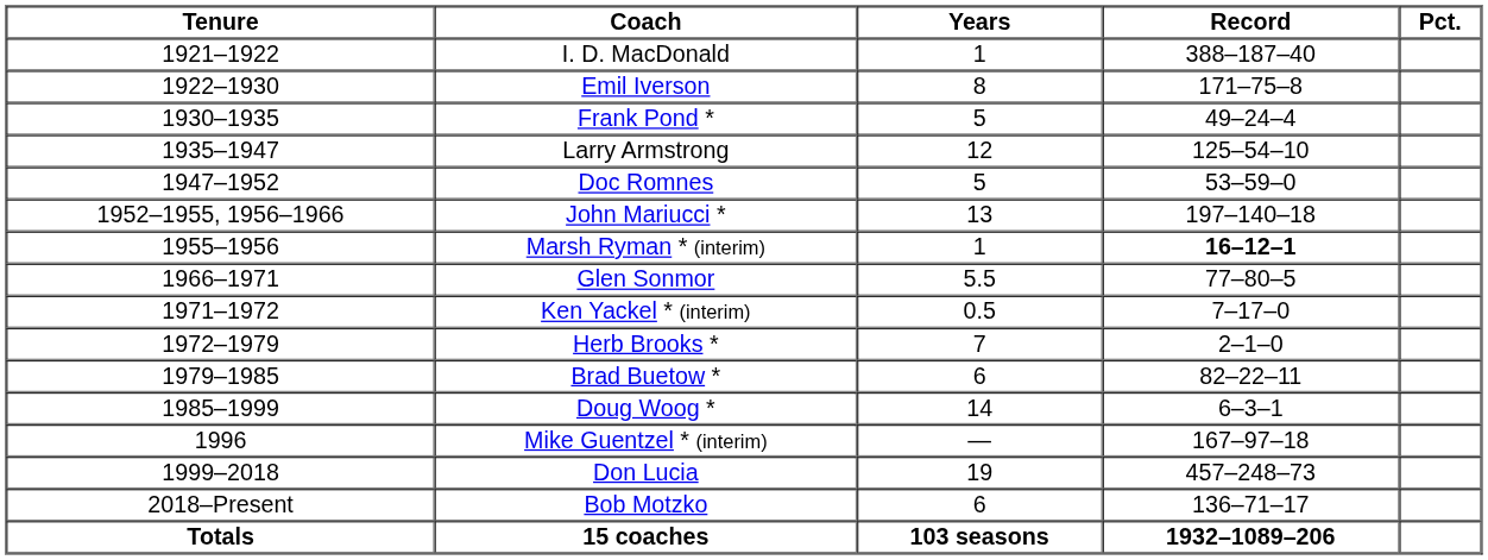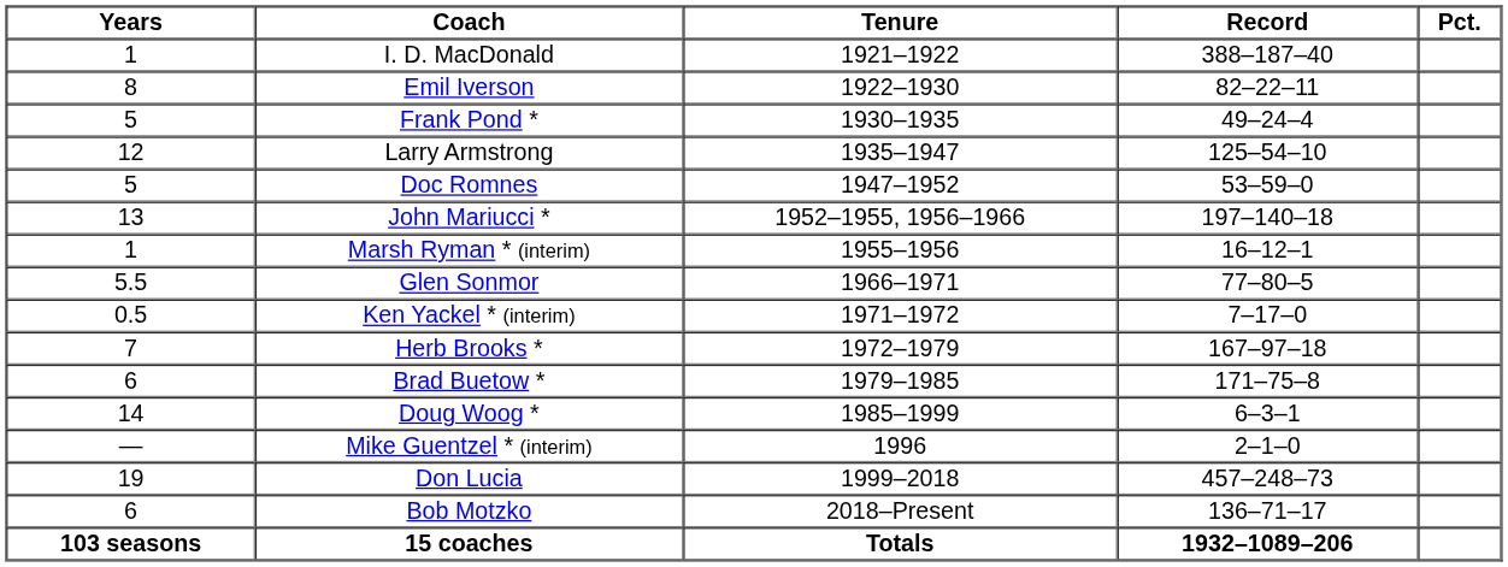 <table cellpadding="1" border="1" cellspacing="0" style="width:80%;">
 <tr>
+<th>Years</th>
+<th>Coach</th>
 <th>Tenure</th>
-<th>Coach</th>
-<th>Years</th>
 <th>Record</th>
 <th>Pct.</th>
 </tr>
 <tr align="center">
+<td>1</td>
+<td>I. D. MacDonald</td>
 <td>1921–1922</td>
-<td>I. D. MacDonald</td>
-<td>1</td>
 <td>388–187–40</td>
 <td></td>
 </tr>
 <tr align="center">
+<td>8</td>
+<td><a href='#'>Emil Iverson</a></td>
 <td>1922–1930</td>
-<td><a href='#'>Emil Iverson</a></td>
-<td>8</td>
+<td>82–22–11</td>
+<td></td>
+</tr>
+<tr align="center">
+<td>5</td>
+<td><a href='#'>Frank Pond</a> *</td>
+<td>1930–1935</td>
+<td>49–24–4</td>
+<td></td>
+</tr>
+<tr align="center">
+<td>12</td>
+<td>Larry Armstrong</td>
+<td>1935–1947</td>
+<td>125–54–10</td>
+<td></td>
+</tr>
+<tr align="center">
+<td>5</td>
+<td><a href='#'>Doc Romnes</a></td>
+<td>1947–1952</td>
+<td>53–59–0</td>
+<td></td>
+</tr>
+<tr align="center">
+<td>13</td>
+<td><a href='#'>John Mariucci</a> *</td>
+<td>1952–1955, 1956–1966</td>
+<td>197–140–18</td>
+<td></td>
+</tr>
+<tr align="center">
+<td>1</td>
+<td><a href='#'>Marsh Ryman</a> *  <small>(interim)</small></td>
+<td>1955–1956</td>
+<td>16–12–1</td>
+<td></td>
+</tr>
+<tr align="center">
+<td>5.5</td>
+<td><a href='#'>Glen Sonmor</a></td>
+<td>1966–1971</td>
+<td>77–80–5</td>
+<td></td>
+</tr>
+<tr align="center">
+<td>0.5</td>
+<td><a href='#'>Ken Yackel</a> *  <small>(interim)</small></td>
+<td>1971–1972</td>
+<td>7–17–0</td>
+<td></td>
+</tr>
+<tr align="center">
+<td>7</td>
+<td><a href='#'>Herb Brooks</a> *</td>
+<td>1972–1979</td>
+<td>167–97–18</td>
+<td></td>
+</tr>
+<tr align="center">
+<td>6</td>
+<td><a href='#'>Brad Buetow</a> *</td>
+<td>1979–1985</td>
 <td>171–75–8</td>
 <td></td>
 </tr>
 <tr align="center">
-<td>1930–1935</td>
-<td><a href='#'>Frank Pond</a> *</td>
-<td>5</td>
-<td>49–24–4</td>
+<td>14</td>
+<td><a href='#'>Doug Woog</a> *</td>
+<td>1985–1999</td>
+<td>6–3–1</td>
 <td></td>
 </tr>
 <tr align="center">
-<td>1935–1947</td>
-<td>Larry Armstrong</td>
-<td>12</td>
-<td>125–54–10</td>
-<td></td>
-</tr>
-<tr align="center">
-<td>1947–1952</td>
-<td><a href='#'>Doc Romnes</a></td>
-<td>5</td>
-<td>53–59–0</td>
-<td></td>
-</tr>
-<tr align="center">
-<td>1952–1955, 1956–1966</td>
-<td><a href='#'>John Mariucci</a> *</td>
-<td>13</td>
-<td>197–140–18</td>
-<td></td>
-</tr>
-<tr align="center">
-<td>1955–1956</td>
-<td><a href='#'>Marsh Ryman</a> *  <small>(interim)</small></td>
-<td>1</td>
-<td><strong>16–12–1</strong></td>
-<td></td>
-</tr>
-<tr align="center">
-<td>1966–1971</td>
-<td><a href='#'>Glen Sonmor</a></td>
-<td>5.5</td>
-<td>77–80–5</td>
-<td></td>
-</tr>
-<tr align="center">
-<td>1971–1972</td>
-<td><a href='#'>Ken Yackel</a> *  <small>(interim)</small></td>
-<td>0.5</td>
-<td>7–17–0</td>
-<td></td>
-</tr>
-<tr align="center">
-<td>1972–1979</td>
-<td><a href='#'>Herb Brooks</a> *</td>
-<td>7</td>
+<td>—</td>
+<td><a href='#'>Mike Guentzel</a> *  <small>(interim)</small></td>
+<td>1996</td>
 <td>2–1–0</td>
 <td></td>
 </tr>
 <tr align="center">
-<td>1979–1985</td>
-<td><a href='#'>Brad Buetow</a> *</td>
-<td>6</td>
-<td>82–22–11</td>
-<td></td>
-</tr>
-<tr align="center">
-<td>1985–1999</td>
-<td><a href='#'>Doug Woog</a> *</td>
-<td>14</td>
-<td>6–3–1</td>
-<td></td>
-</tr>
-<tr align="center">
-<td>1996</td>
-<td><a href='#'>Mike Guentzel</a> *  <small>(interim)</small></td>
-<td>—</td>
-<td>167–97–18</td>
-<td></td>
-</tr>
-<tr align="center">
+<td>19</td>
+<td><a href='#'>Don Lucia</a></td>
 <td>1999–2018</td>
-<td><a href='#'>Don Lucia</a></td>
-<td>19</td>
 <td>457–248–73</td>
 <td></td>
 </tr>
 <tr align=center>
+<td>6</td>
+<td><a href='#'>Bob Motzko</a></td>
 <td>2018–Present</td>
-<td><a href='#'>Bob Motzko</a></td>
-<td>6</td>
 <td>136–71–17</td>
 <td></td>
 </tr>
 <tr align=center>
+<th>103 seasons</th>
+<th>15 coaches</th>
 <th>Totals</th>
-<th>15 coaches</th>
-<th>103 seasons</th>
 <th>1932–1089–206</th>
 <th></th>
 </tr>
 </table>
